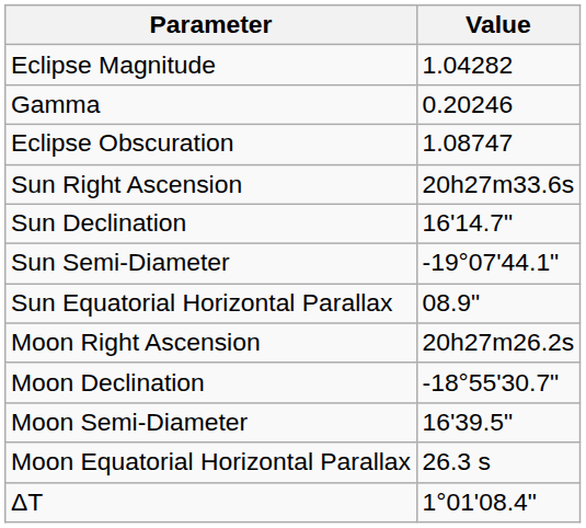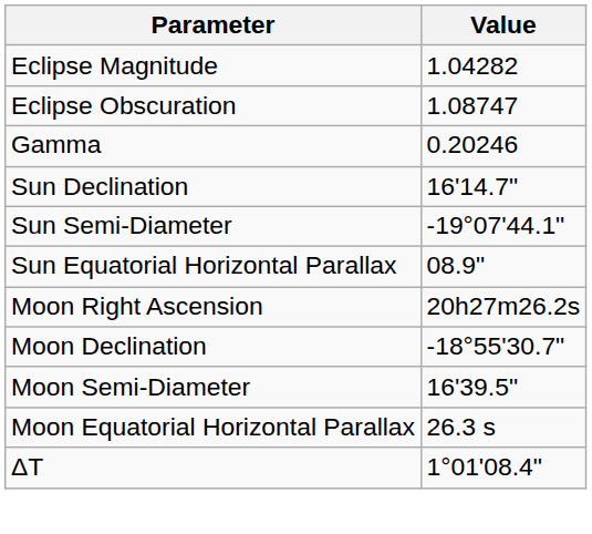 <table class="wikitable">
 <tr>
 <th>Parameter</th>
 <th>Value</th>
 </tr>
 <tr>
 <td>Eclipse Magnitude</td>
 <td>1.04282</td>
 </tr>
 <tr>
-<td>Gamma</td>
-<td>0.20246</td>
-</tr>
-<tr>
 <td>Eclipse Obscuration</td>
 <td>1.08747</td>
 </tr>
 <tr>
-<td>Sun Right Ascension</td>
-<td>20h27m33.6s</td>
+<td>Gamma</td>
+<td>0.20246</td>
 </tr>
 <tr>
 <td>Sun Declination</td>
 <td>16'14.7"</td>
 </tr>
 <tr>
 <td>Sun Semi-Diameter</td>
 <td>-19°07'44.1"</td>
 </tr>
 <tr>
 <td>Sun Equatorial Horizontal Parallax</td>
 <td>08.9"</td>
 </tr>
 <tr>
 <td>Moon Right Ascension</td>
 <td>20h27m26.2s</td>
 </tr>
 <tr>
 <td>Moon Declination</td>
 <td>-18°55'30.7"</td>
 </tr>
 <tr>
 <td>Moon Semi-Diameter</td>
 <td>16'39.5"</td>
 </tr>
 <tr>
 <td>Moon Equatorial Horizontal Parallax</td>
 <td>26.3 s</td>
 </tr>
 <tr>
 <td>ΔT</td>
 <td>1°01'08.4"</td>
 </tr>
 </table>
